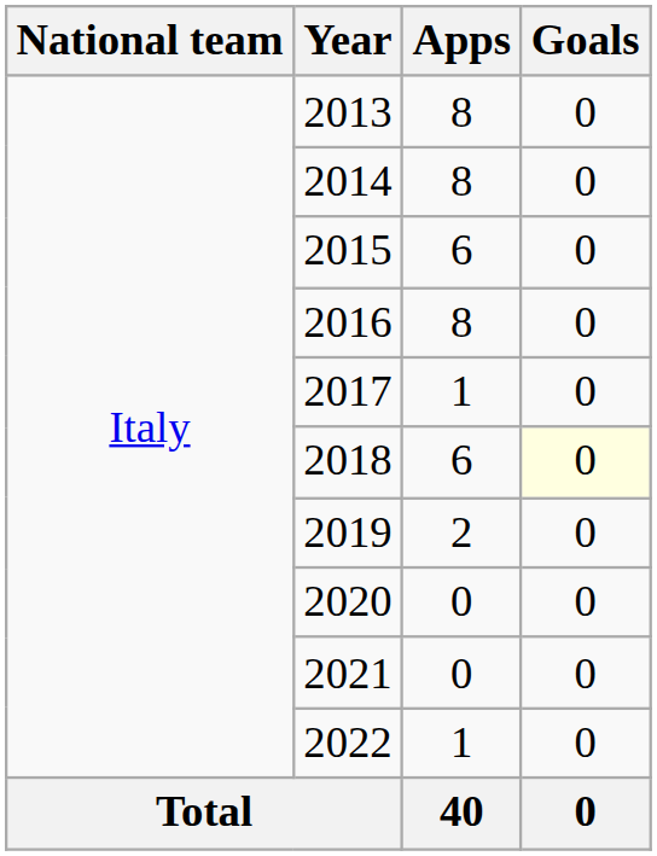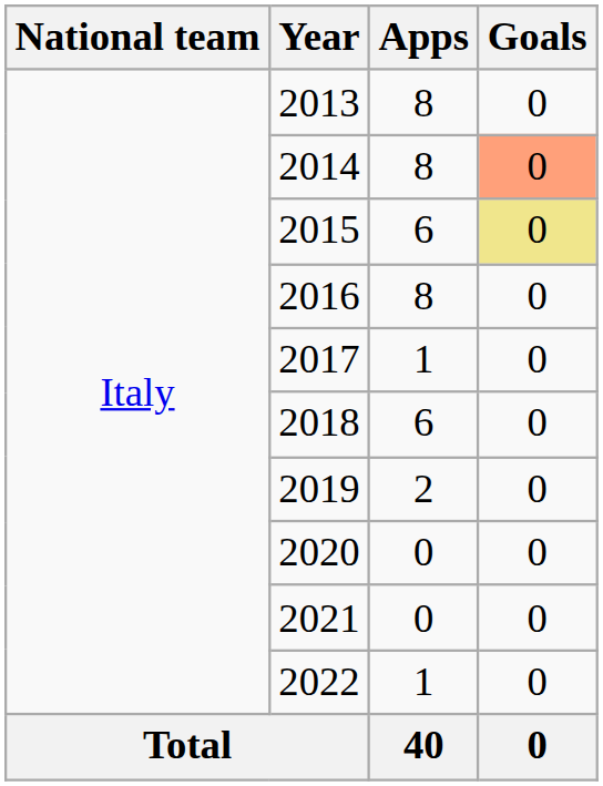 <table class="wikitable" style="text-align:center">
 <tr>
 <th>National team</th>
 <th>Year</th>
 <th>Apps</th>
 <th>Goals</th>
 </tr>
 <tr>
 <td rowspan="10"><a href='#'>Italy</a></td>
 <td>2013</td>
 <td>8</td>
 <td>0</td>
 </tr>
 <tr>
 <td>2014</td>
 <td>8</td>
-<td>0</td>
+<td style="background: lightsalmon;">0</td>
 </tr>
 <tr>
 <td>2015</td>
 <td>6</td>
-<td>0</td>
+<td style="background: khaki;">0</td>
 </tr>
 <tr>
 <td>2016</td>
 <td>8</td>
 <td>0</td>
 </tr>
 <tr>
 <td>2017</td>
 <td>1</td>
 <td>0</td>
 </tr>
 <tr>
 <td>2018</td>
 <td>6</td>
-<td style="background: lightyellow;">0</td>
+<td>0</td>
 </tr>
 <tr>
 <td>2019</td>
 <td>2</td>
 <td>0</td>
 </tr>
 <tr>
 <td>2020</td>
 <td>0</td>
 <td>0</td>
 </tr>
 <tr>
 <td>2021</td>
 <td>0</td>
 <td>0</td>
 </tr>
 <tr>
 <td>2022</td>
 <td>1</td>
 <td>0</td>
 </tr>
 <tr>
 <th colspan="2">Total</th>
 <th>40</th>
 <th>0</th>
 </tr>
 </table>
